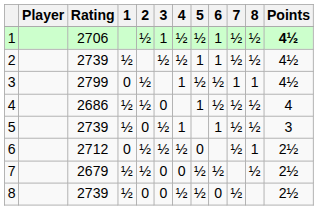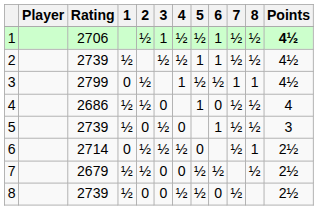 <table class="wikitable" style="text-align: center;">
 <tr>
 <th></th>
 <th>Player</th>
 <th>Rating</th>
 <th>1</th>
 <th>2</th>
 <th>3</th>
 <th>4</th>
 <th>5</th>
 <th>6</th>
 <th>7</th>
 <th>8</th>
 <th>Points</th>
 </tr>
 <tr>
 </tr>
 <tr style="background:#ccffcc">
 <td>1</td>
 <td align="left"><strong></strong></td>
 <td>2706</td>
 <td></td>
 <td>½</td>
 <td>1</td>
 <td>½</td>
 <td>½</td>
 <td>1</td>
 <td>½</td>
 <td>½</td>
 <td><strong>4½</strong></td>
 </tr>
 <tr>
 <td>2</td>
 <td align="left"></td>
 <td>2739</td>
 <td>½</td>
 <td></td>
 <td>½</td>
 <td>½</td>
 <td>1</td>
 <td>1</td>
 <td>½</td>
 <td>½</td>
 <td>4½</td>
 </tr>
 <tr>
 <td>3</td>
 <td align="left"></td>
 <td>2799</td>
 <td>0</td>
 <td>½</td>
 <td></td>
 <td>1</td>
 <td>½</td>
 <td>½</td>
 <td>1</td>
 <td>1</td>
 <td>4½</td>
 </tr>
 <tr>
 <td>4</td>
 <td align="left"></td>
 <td>2686</td>
 <td>½</td>
 <td>½</td>
 <td>0</td>
 <td></td>
 <td>1</td>
-<td>½</td>
+<td>0</td>
 <td>½</td>
 <td>½</td>
 <td>4</td>
 </tr>
 <tr>
 <td>5</td>
 <td align="left"></td>
 <td>2739</td>
 <td>½</td>
 <td>0</td>
 <td>½</td>
-<td>1</td>
+<td>0</td>
 <td></td>
 <td>1</td>
 <td>½</td>
 <td>½</td>
 <td>3</td>
 </tr>
 <tr>
 <td>6</td>
 <td align="left"></td>
-<td>2712</td>
+<td>2714</td>
 <td>0</td>
 <td>½</td>
 <td>½</td>
 <td>½</td>
 <td>0</td>
 <td></td>
 <td>½</td>
 <td>1</td>
 <td>2½</td>
 </tr>
 <tr>
 <td>7</td>
 <td align="left"></td>
 <td>2679</td>
 <td>½</td>
 <td>½</td>
 <td>0</td>
 <td>0</td>
 <td>½</td>
 <td>½</td>
 <td></td>
 <td>½</td>
 <td>2½</td>
 </tr>
 <tr>
 <td>8</td>
 <td align="left"></td>
 <td>2739</td>
 <td>½</td>
 <td>0</td>
 <td>0</td>
 <td>½</td>
 <td>½</td>
 <td>0</td>
 <td>½</td>
 <td></td>
 <td>2½</td>
 </tr>
 </table>
